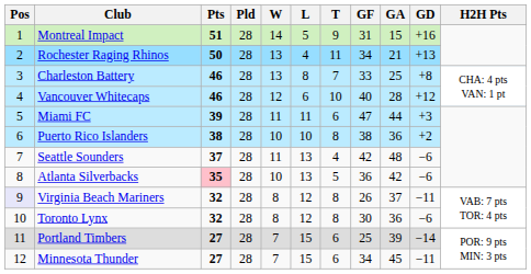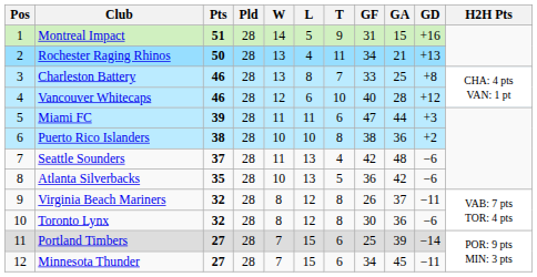 <table class="wikitable" style="text-align:center">
 <tr>
 <th width=30>Pos</th>
 <th width=200>Club</th>
 <th width=30>Pts</th>
 <th width=30>Pld</th>
 <th width=30>W</th>
 <th width=30>L</th>
 <th width=30>T</th>
 <th width=30>GF</th>
 <th width=30>GA</th>
 <th width=30>GD</th>
 <th width=100>H2H Pts</th>
 </tr>
 <tr bgcolor=#D0F0C0>
 <td>1</td>
 <td align="left"><a href='#'>Montreal Impact</a></td>
 <td><strong>51</strong></td>
 <td>28</td>
 <td>14</td>
 <td>5</td>
 <td>9</td>
 <td>31</td>
 <td>15</td>
 <td>+16</td>
 </tr>
 <tr bgcolor=#97DEFF>
 <td>2</td>
 <td align="left"><a href='#'>Rochester Raging Rhinos</a></td>
 <td><strong>50</strong></td>
 <td>28</td>
 <td>13</td>
 <td>4</td>
 <td>11</td>
 <td>34</td>
 <td>21</td>
 <td>+13</td>
 </tr>
 <tr bgcolor=#BBEBFF>
 <td>3</td>
 <td align="left"><a href='#'>Charleston Battery</a></td>
 <td><strong>46</strong></td>
 <td>28</td>
 <td>13</td>
 <td>8</td>
 <td>7</td>
 <td>33</td>
 <td>25</td>
 <td>+8</td>
 <td rowspan="2" bgcolor="FFFFFF"><small>CHA: 4 pts<br>VAN: 1 pt</small></td>
 </tr>
 <tr bgcolor=#BBEBFF>
 <td>4</td>
 <td align="left"><a href='#'>Vancouver Whitecaps</a></td>
 <td><strong>46</strong></td>
 <td>28</td>
 <td>12</td>
 <td>6</td>
 <td>10</td>
 <td>40</td>
 <td>28</td>
 <td>+12</td>
 </tr>
 <tr bgcolor=#BBEBFF>
 <td>5</td>
 <td align="left"><a href='#'>Miami FC</a></td>
 <td><strong>39</strong></td>
 <td>28</td>
 <td>11</td>
 <td>11</td>
 <td>6</td>
 <td>47</td>
 <td>44</td>
 <td>+3</td>
 </tr>
 <tr bgcolor=#BBEBFF>
 <td>6</td>
 <td align="left"><a href='#'>Puerto Rico Islanders</a></td>
 <td><strong>38</strong></td>
 <td>28</td>
 <td>10</td>
 <td>10</td>
 <td>8</td>
 <td>38</td>
 <td>36</td>
 <td>+2</td>
 </tr>
 <tr>
 <td>7</td>
 <td align="left"><a href='#'>Seattle Sounders</a></td>
 <td><strong>37</strong></td>
 <td>28</td>
 <td>11</td>
 <td>13</td>
 <td>4</td>
 <td>42</td>
 <td>48</td>
 <td>−6</td>
 </tr>
 <tr>
 <td>8</td>
 <td align="left"><a href='#'>Atlanta Silverbacks</a></td>
-<td style="background: pink;"><strong>35</strong></td>
+<td><strong>35</strong></td>
 <td>28</td>
 <td>10</td>
 <td>13</td>
 <td>5</td>
 <td>36</td>
 <td>42</td>
 <td>−6</td>
 </tr>
 <tr>
-<td style="background: lavender;">9</td>
+<td>9</td>
 <td align="left"><a href='#'>Virginia Beach Mariners</a></td>
 <td><strong>32</strong></td>
 <td>28</td>
 <td>8</td>
 <td>12</td>
 <td>8</td>
 <td>26</td>
 <td>37</td>
 <td>−11</td>
 <td rowspan="2" bgcolor="FFFFFF"><small>VAB: 7 pts<br>TOR: 4 pts</small></td>
 </tr>
 <tr>
 <td>10</td>
 <td align="left"><a href='#'>Toronto Lynx</a></td>
 <td><strong>32</strong></td>
 <td>28</td>
 <td>8</td>
 <td>12</td>
 <td>8</td>
 <td>30</td>
 <td>36</td>
 <td>−6</td>
 </tr>
 <tr bgcolor=#DDDDDD>
 <td>11</td>
 <td align="left"><a href='#'>Portland Timbers</a></td>
 <td><strong>27</strong></td>
 <td>28</td>
 <td>7</td>
 <td>15</td>
 <td>6</td>
 <td>25</td>
 <td>39</td>
 <td>−14</td>
 <td rowspan="2" bgcolor="FFFFFF"><small>POR: 9 pts<br>MIN: 3 pts</small></td>
 </tr>
 <tr>
 <td>12</td>
 <td align="left"><a href='#'>Minnesota Thunder</a></td>
 <td><strong>27</strong></td>
 <td>28</td>
 <td>7</td>
 <td>15</td>
 <td>6</td>
 <td>34</td>
 <td>45</td>
 <td>−11</td>
 </tr>
 </table>
